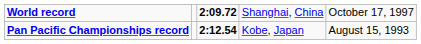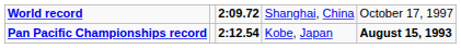 <table class="wikitable">
 <tr>
 <td><strong><a href='#'>World record</a></strong></td>
 <td></td>
 <td><strong>2:09.72</strong></td>
 <td><a href='#'>Shanghai</a>, <a href='#'>China</a></td>
 <td>October 17, 1997</td>
 </tr>
 <tr>
 <td><strong><a href='#'>Pan Pacific Championships record</a></strong></td>
 <td></td>
 <td><strong>2:12.54</strong></td>
 <td><a href='#'>Kobe</a>, <a href='#'>Japan</a></td>
-<td>August 15, 1993</td>
+<td><strong>August 15, 1993</strong></td>
 </tr>
 </table>
